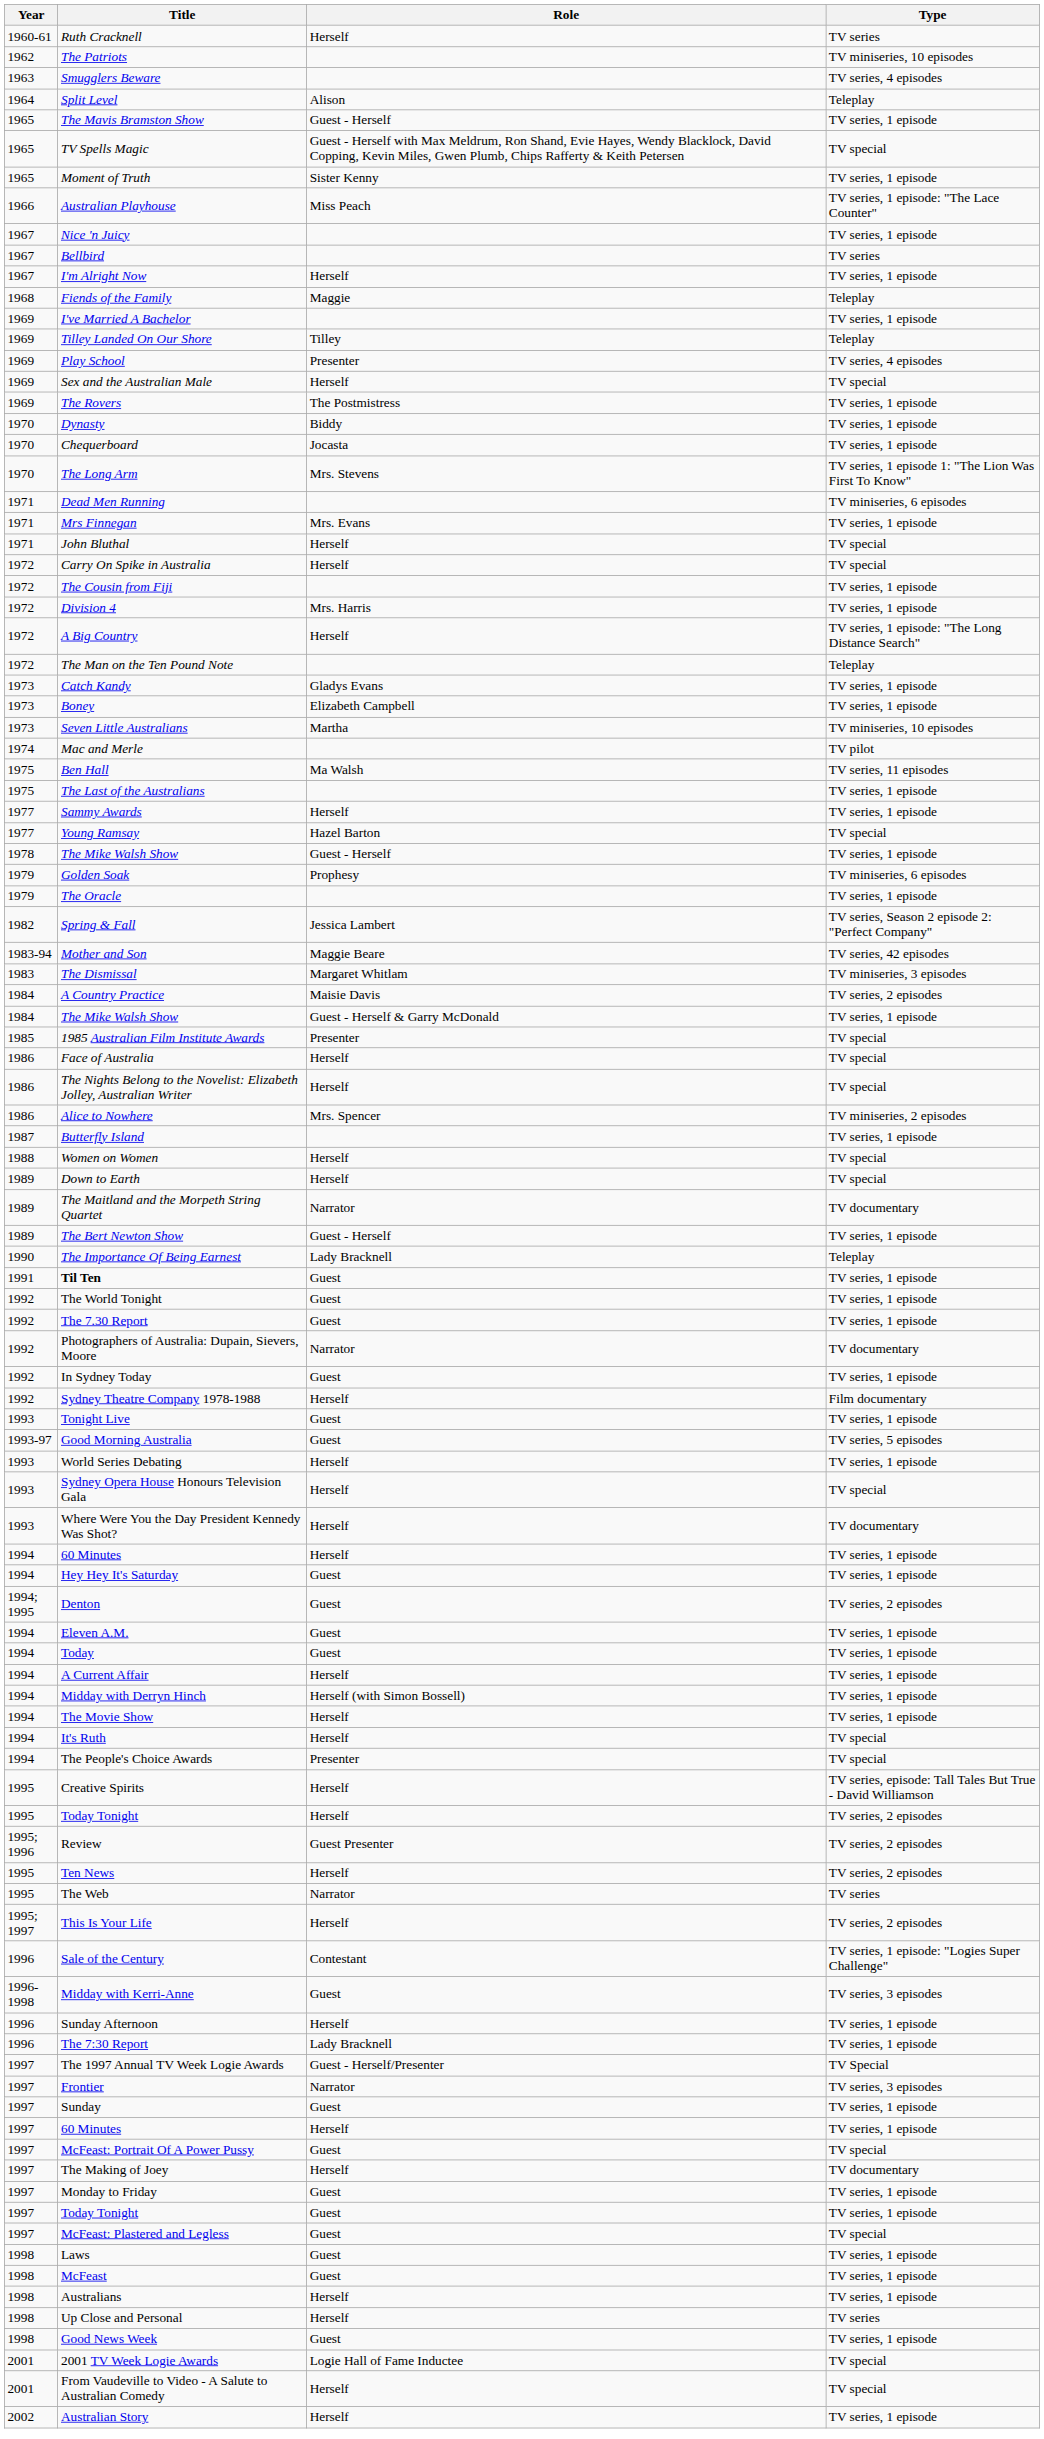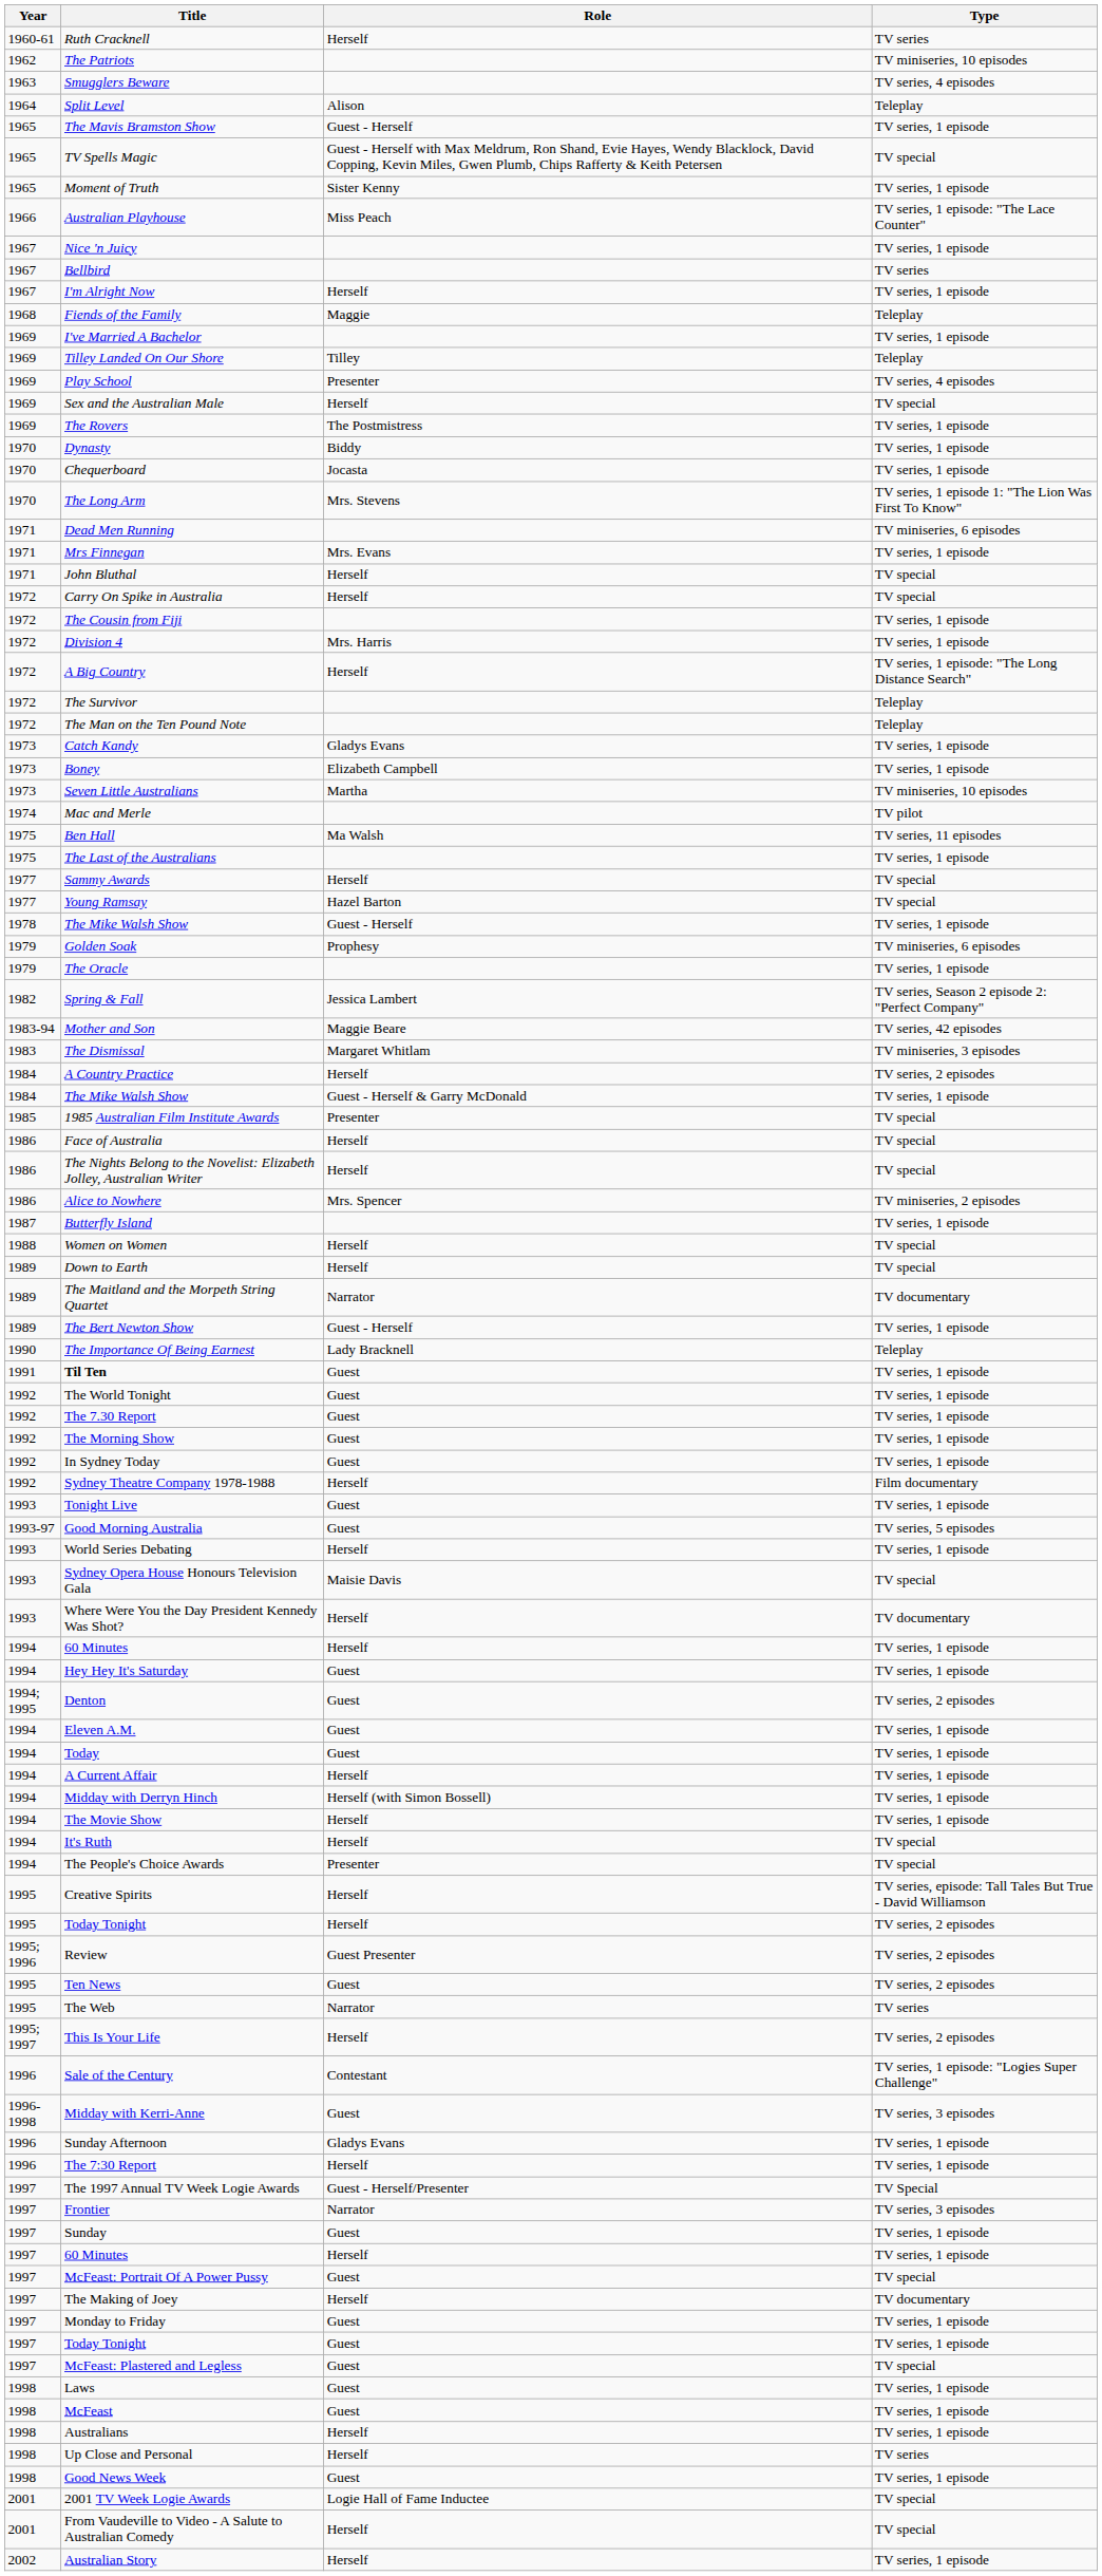 <table class="wikitable">
 <tr>
 <th>Year</th>
 <th>Title</th>
 <th>Role</th>
 <th>Type</th>
 </tr>
 <tr>
 <td>1960-61</td>
 <td><em>Ruth Cracknell</em></td>
 <td>Herself</td>
 <td>TV series</td>
 </tr>
 <tr>
 <td>1962</td>
 <td><em><a href='#'>The Patriots</a></em></td>
 <td></td>
 <td>TV miniseries, 10 episodes</td>
 </tr>
 <tr>
 <td>1963</td>
 <td><em><a href='#'>Smugglers Beware</a></em></td>
 <td></td>
 <td>TV series, 4 episodes</td>
 </tr>
 <tr>
 <td>1964</td>
 <td><em><a href='#'>Split Level</a></em></td>
 <td>Alison</td>
 <td>Teleplay</td>
 </tr>
 <tr>
 <td>1965</td>
 <td><em><a href='#'>The Mavis Bramston Show</a></em></td>
 <td>Guest - Herself</td>
 <td>TV series, 1 episode</td>
 </tr>
 <tr>
 <td>1965</td>
 <td><em>TV Spells Magic</em></td>
 <td>Guest - Herself with Max Meldrum, Ron Shand, Evie Hayes, Wendy Blacklock, David Copping, Kevin Miles, Gwen Plumb, Chips Rafferty & Keith Petersen</td>
 <td>TV special</td>
 </tr>
 <tr>
 <td>1965</td>
 <td><em>Moment of Truth</em></td>
 <td>Sister Kenny</td>
 <td>TV series, 1 episode</td>
 </tr>
 <tr>
 <td>1966</td>
 <td><em><a href='#'>Australian Playhouse</a></em></td>
 <td>Miss Peach</td>
 <td>TV series, 1 episode: "The Lace Counter"</td>
 </tr>
 <tr>
 <td>1967</td>
 <td><em><a href='#'>Nice 'n Juicy</a></em></td>
 <td></td>
 <td>TV series, 1 episode</td>
 </tr>
 <tr>
 <td>1967</td>
 <td><em><a href='#'>Bellbird</a></em></td>
 <td></td>
 <td>TV series</td>
 </tr>
 <tr>
 <td>1967</td>
 <td><em><a href='#'>I'm Alright Now</a></em></td>
 <td>Herself</td>
 <td>TV series, 1 episode</td>
 </tr>
 <tr>
 <td>1968</td>
 <td><em><a href='#'>Fiends of the Family</a></em></td>
 <td>Maggie</td>
 <td>Teleplay</td>
 </tr>
 <tr>
 <td>1969</td>
 <td><em><a href='#'>I've Married A Bachelor</a></em></td>
 <td></td>
 <td>TV series, 1 episode</td>
 </tr>
 <tr>
 <td>1969</td>
 <td><em><a href='#'>Tilley Landed On Our Shore</a></em></td>
 <td>Tilley</td>
 <td>Teleplay</td>
 </tr>
 <tr>
 <td>1969</td>
 <td><em><a href='#'>Play School</a></em></td>
 <td>Presenter</td>
 <td>TV series, 4 episodes</td>
 </tr>
 <tr>
 <td>1969</td>
 <td><em>Sex and the Australian Male</em></td>
 <td>Herself</td>
 <td>TV special</td>
 </tr>
 <tr>
 <td>1969</td>
 <td><em><a href='#'>The Rovers</a></em></td>
 <td>The Postmistress</td>
 <td>TV series, 1 episode</td>
 </tr>
 <tr>
 <td>1970</td>
 <td><em><a href='#'>Dynasty</a></em></td>
 <td>Biddy</td>
 <td>TV series, 1 episode</td>
 </tr>
 <tr>
 <td>1970</td>
 <td><em>Chequerboard</em></td>
 <td>Jocasta</td>
 <td>TV series, 1 episode</td>
 </tr>
 <tr>
 <td>1970</td>
 <td><em><a href='#'>The Long Arm</a></em></td>
 <td>Mrs. Stevens</td>
 <td>TV series, 1 episode 1: "The Lion Was First To Know"</td>
 </tr>
 <tr>
 <td>1971</td>
 <td><em><a href='#'>Dead Men Running</a></em></td>
 <td></td>
 <td>TV miniseries, 6 episodes</td>
 </tr>
 <tr>
 <td>1971</td>
 <td><em><a href='#'>Mrs Finnegan</a></em></td>
 <td>Mrs. Evans</td>
 <td>TV series, 1 episode</td>
 </tr>
 <tr>
 <td>1971</td>
 <td><em>John Bluthal</em></td>
 <td>Herself</td>
 <td>TV special</td>
 </tr>
 <tr>
 <td>1972</td>
 <td><em>Carry On Spike in Australia</em></td>
 <td>Herself</td>
 <td>TV special</td>
 </tr>
 <tr>
 <td>1972</td>
 <td><em><a href='#'>The Cousin from Fiji</a></em></td>
 <td></td>
 <td>TV series, 1 episode</td>
 </tr>
 <tr>
 <td>1972</td>
 <td><em><a href='#'>Division 4</a></em></td>
 <td>Mrs. Harris</td>
 <td>TV series, 1 episode</td>
 </tr>
 <tr>
 <td>1972</td>
 <td><em><a href='#'>A Big Country</a></em></td>
 <td>Herself</td>
 <td>TV series, 1 episode: "The Long Distance Search"</td>
 </tr>
 <tr>
 <td>1972</td>
+<td><em>The Survivor</em></td>
+<td></td>
+<td>Teleplay</td>
+</tr>
+<tr>
+<td>1972</td>
 <td><em>The Man on the Ten Pound Note</em></td>
 <td></td>
 <td>Teleplay</td>
 </tr>
 <tr>
 <td>1973</td>
 <td><em><a href='#'>Catch Kandy</a></em></td>
 <td>Gladys Evans</td>
 <td>TV series, 1 episode</td>
 </tr>
 <tr>
 <td>1973</td>
 <td><em><a href='#'>Boney</a></em></td>
 <td>Elizabeth Campbell</td>
 <td>TV series, 1 episode</td>
 </tr>
 <tr>
 <td>1973</td>
 <td><em><a href='#'>Seven Little Australians</a></em></td>
 <td>Martha</td>
 <td>TV miniseries, 10 episodes</td>
 </tr>
 <tr>
 <td>1974</td>
 <td><em>Mac and Merle</em></td>
 <td></td>
 <td>TV pilot</td>
 </tr>
 <tr>
 <td>1975</td>
 <td><em><a href='#'>Ben Hall</a></em></td>
 <td>Ma Walsh</td>
 <td>TV series, 11 episodes</td>
 </tr>
 <tr>
 <td>1975</td>
 <td><em><a href='#'>The Last of the Australians</a></em></td>
 <td></td>
 <td>TV series, 1 episode</td>
 </tr>
 <tr>
 <td>1977</td>
 <td><em><a href='#'>Sammy Awards</a></em></td>
 <td>Herself</td>
-<td>TV series, 1 episode</td>
+<td>TV special</td>
 </tr>
 <tr>
 <td>1977</td>
 <td><em><a href='#'>Young Ramsay</a></em></td>
 <td>Hazel Barton</td>
 <td>TV special</td>
 </tr>
 <tr>
 <td>1978</td>
 <td><em><a href='#'>The Mike Walsh Show</a></em></td>
 <td>Guest - Herself</td>
 <td>TV series, 1 episode</td>
 </tr>
 <tr>
 <td>1979</td>
 <td><em><a href='#'>Golden Soak</a></em></td>
 <td>Prophesy</td>
 <td>TV miniseries, 6 episodes</td>
 </tr>
 <tr>
 <td>1979</td>
 <td><em><a href='#'>The Oracle</a></em></td>
 <td></td>
 <td>TV series, 1 episode</td>
 </tr>
 <tr>
 <td>1982</td>
 <td><em><a href='#'>Spring & Fall</a></em></td>
 <td>Jessica Lambert</td>
 <td>TV series, Season 2 episode 2: "Perfect Company"</td>
 </tr>
 <tr>
 <td>1983-94</td>
 <td><em><a href='#'>Mother and Son</a></em></td>
 <td>Maggie Beare</td>
 <td>TV series, 42 episodes</td>
 </tr>
 <tr>
 <td>1983</td>
 <td><em><a href='#'>The Dismissal</a></em></td>
 <td>Margaret Whitlam</td>
 <td>TV miniseries, 3 episodes</td>
 </tr>
 <tr>
 <td>1984</td>
 <td><em><a href='#'>A Country Practice</a></em></td>
-<td>Maisie Davis</td>
+<td>Herself</td>
 <td>TV series, 2 episodes</td>
 </tr>
 <tr>
 <td>1984</td>
 <td><em><a href='#'>The Mike Walsh Show</a></em></td>
 <td>Guest - Herself & Garry McDonald</td>
 <td>TV series, 1 episode</td>
 </tr>
 <tr>
 <td>1985</td>
 <td><em>1985 <a href='#'>Australian Film Institute Awards</a></em></td>
 <td>Presenter</td>
 <td>TV special</td>
 </tr>
 <tr>
 <td>1986</td>
 <td><em>Face of Australia</em></td>
 <td>Herself</td>
 <td>TV special</td>
 </tr>
 <tr>
 <td>1986</td>
 <td><em>The Nights Belong to the Novelist: Elizabeth Jolley, Australian Writer</em></td>
 <td>Herself</td>
 <td>TV special</td>
 </tr>
 <tr>
 <td>1986</td>
 <td><em><a href='#'>Alice to Nowhere</a></em></td>
 <td>Mrs. Spencer</td>
 <td>TV miniseries, 2 episodes</td>
 </tr>
 <tr>
 <td>1987</td>
 <td><em><a href='#'>Butterfly Island</a></em></td>
 <td></td>
 <td>TV series, 1 episode</td>
 </tr>
 <tr>
 <td>1988</td>
 <td><em>Women on Women</em></td>
 <td>Herself</td>
 <td>TV special</td>
 </tr>
 <tr>
 <td>1989</td>
 <td><em>Down to Earth</em></td>
 <td>Herself</td>
 <td>TV special</td>
 </tr>
 <tr>
 <td>1989</td>
 <td><em>The Maitland and the Morpeth String Quartet</em></td>
 <td>Narrator</td>
 <td>TV documentary</td>
 </tr>
 <tr>
 <td>1989</td>
 <td><em><a href='#'>The Bert Newton Show</a></em></td>
 <td>Guest - Herself</td>
 <td>TV series, 1 episode</td>
 </tr>
 <tr>
 <td>1990</td>
 <td><em><a href='#'>The Importance Of Being Earnest</a></em></td>
 <td>Lady Bracknell</td>
 <td>Teleplay</td>
 </tr>
 <tr>
 <td>1991</td>
 <td><strong>Til Ten<em></td>
 <td>Guest</td>
 <td>TV series, 1 episode</td>
 </tr>
 <tr>
 <td>1992</td>
 <td></em>The World Tonight<em></td>
 <td>Guest</td>
 <td>TV series, 1 episode</td>
 </tr>
 <tr>
 <td>1992</td>
 <td></em><a href='#'>The 7.30 Report</a><em></td>
 <td>Guest</td>
 <td>TV series, 1 episode</td>
 </tr>
 <tr>
 <td>1992</td>
-<td></em>Photographers of Australia: Dupain, Sievers, Moore<em></td>
-<td>Narrator</td>
-<td>TV documentary</td>
+<td></em><a href='#'>The Morning Show</a><em></td>
+<td>Guest</td>
+<td>TV series, 1 episode</td>
 </tr>
 <tr>
 <td>1992</td>
 <td></em>In Sydney Today<em></td>
 <td>Guest</td>
 <td>TV series, 1 episode</td>
 </tr>
 <tr>
 <td>1992</td>
 <td></em><a href='#'>Sydney Theatre Company</a> 1978-1988<em></td>
 <td>Herself</td>
 <td>Film documentary</td>
 </tr>
 <tr>
 <td>1993</td>
 <td></em><a href='#'>Tonight Live</a><em></td>
 <td>Guest</td>
 <td>TV series, 1 episode</td>
 </tr>
 <tr>
 <td>1993-97</td>
 <td></em><a href='#'>Good Morning Australia</a><em></td>
 <td>Guest</td>
 <td>TV series, 5 episodes</td>
 </tr>
 <tr>
 <td>1993</td>
 <td></em>World Series Debating<em></td>
 <td>Herself</td>
 <td>TV series, 1 episode</td>
 </tr>
 <tr>
 <td>1993</td>
 <td></em><a href='#'>Sydney Opera House</a> Honours Television Gala<em></td>
-<td>Herself</td>
+<td>Maisie Davis</td>
 <td>TV special</td>
 </tr>
 <tr>
 <td>1993</td>
 <td></em>Where Were You the Day President Kennedy Was Shot?<em></td>
 <td>Herself</td>
 <td>TV documentary</td>
 </tr>
 <tr>
 <td>1994</td>
 <td></em><a href='#'>60 Minutes</a><em></td>
 <td>Herself</td>
 <td>TV series, 1 episode</td>
 </tr>
 <tr>
 <td>1994</td>
 <td></em><a href='#'>Hey Hey It's Saturday</a><em></td>
 <td>Guest</td>
 <td>TV series, 1 episode</td>
 </tr>
 <tr>
 <td>1994; 1995</td>
 <td></em><a href='#'>Denton</a><em></td>
 <td>Guest</td>
 <td>TV series, 2 episodes</td>
 </tr>
 <tr>
 <td>1994</td>
 <td></em><a href='#'>Eleven A.M.</a><em></td>
 <td>Guest</td>
 <td>TV series, 1 episode</td>
 </tr>
 <tr>
 <td>1994</td>
 <td></em><a href='#'>Today</a><em></td>
 <td>Guest</td>
 <td>TV series, 1 episode</td>
 </tr>
 <tr>
 <td>1994</td>
 <td></em><a href='#'>A Current Affair</a><em></td>
 <td>Herself</td>
 <td>TV series, 1 episode</td>
 </tr>
 <tr>
 <td>1994</td>
 <td></em><a href='#'>Midday with Derryn Hinch</a><em></td>
 <td>Herself (with Simon Bossell)</td>
 <td>TV series, 1 episode</td>
 </tr>
 <tr>
 <td>1994</td>
 <td></em><a href='#'>The Movie Show</a><em></td>
 <td>Herself</td>
 <td>TV series, 1 episode</td>
 </tr>
 <tr>
 <td>1994</td>
 <td></em><a href='#'>It's Ruth</a><em></td>
 <td>Herself</td>
 <td>TV special</td>
 </tr>
 <tr>
 <td>1994</td>
 <td></em>The People's Choice Awards<em></td>
 <td>Presenter</td>
 <td>TV special</td>
 </tr>
 <tr>
 <td>1995</td>
 <td></em>Creative Spirits<em></td>
 <td>Herself</td>
 <td>TV series, episode: Tall Tales But True - David Williamson</td>
 </tr>
 <tr>
 <td>1995</td>
 <td></em><a href='#'>Today Tonight</a><em></td>
 <td>Herself</td>
 <td>TV series, 2 episodes</td>
 </tr>
 <tr>
 <td>1995; 1996</td>
 <td></em>Review<em></td>
 <td>Guest Presenter</td>
 <td>TV series, 2 episodes</td>
 </tr>
 <tr>
 <td>1995</td>
 <td></em><a href='#'>Ten News</a><em></td>
-<td>Herself</td>
+<td>Guest</td>
 <td>TV series, 2 episodes</td>
 </tr>
 <tr>
 <td>1995</td>
 <td></em>The Web<em></td>
 <td>Narrator</td>
 <td>TV series</td>
 </tr>
 <tr>
 <td>1995; 1997</td>
 <td></em><a href='#'>This Is Your Life</a><em></td>
 <td>Herself</td>
 <td>TV series, 2 episodes</td>
 </tr>
 <tr>
 <td>1996</td>
 <td></em><a href='#'>Sale of the Century</a><em></td>
 <td>Contestant</td>
 <td>TV series, 1 episode: "Logies Super Challenge"</td>
 </tr>
 <tr>
 <td>1996-1998</td>
 <td></em><a href='#'>Midday with Kerri-Anne</a><em></td>
 <td>Guest</td>
 <td>TV series, 3 episodes</td>
 </tr>
 <tr>
 <td>1996</td>
 <td></em>Sunday Afternoon<em></td>
-<td>Herself</td>
+<td>Gladys Evans</td>
 <td>TV series, 1 episode</td>
 </tr>
 <tr>
 <td>1996</td>
 <td></em><a href='#'>The 7:30 Report</a><em></td>
-<td>Lady Bracknell</td>
+<td>Herself</td>
 <td>TV series, 1 episode</td>
 </tr>
 <tr>
 <td>1997</td>
 <td></em>The 1997 Annual TV Week Logie Awards<em></td>
 <td>Guest - Herself/Presenter</td>
 <td>TV Special</td>
 </tr>
 <tr>
 <td>1997</td>
 <td></em><a href='#'>Frontier</a><em></td>
 <td>Narrator</td>
 <td>TV series, 3 episodes</td>
 </tr>
 <tr>
 <td>1997</td>
 <td></em>Sunday<em></td>
 <td>Guest</td>
 <td>TV series, 1 episode</td>
 </tr>
 <tr>
 <td>1997</td>
 <td></em><a href='#'>60 Minutes</a><em></td>
 <td>Herself</td>
 <td>TV series, 1 episode</td>
 </tr>
 <tr>
 <td>1997</td>
 <td></em><a href='#'>McFeast: Portrait Of A Power Pussy</a><em></td>
 <td>Guest</td>
 <td>TV special</td>
 </tr>
 <tr>
 <td>1997</td>
 <td></em>The Making of Joey<em></td>
 <td>Herself</td>
 <td>TV documentary</td>
 </tr>
 <tr>
 <td>1997</td>
 <td></em>Monday to Friday<em></td>
 <td>Guest</td>
 <td>TV series, 1 episode</td>
 </tr>
 <tr>
 <td>1997</td>
 <td></em><a href='#'>Today Tonight</a><em></td>
 <td>Guest</td>
 <td>TV series, 1 episode</td>
 </tr>
 <tr>
 <td>1997</td>
 <td></em><a href='#'>McFeast: Plastered and Legless</a><em></td>
 <td>Guest</td>
 <td>TV special</td>
 </tr>
 <tr>
 <td>1998</td>
 <td></em>Laws<em></td>
 <td>Guest</td>
 <td>TV series, 1 episode</td>
 </tr>
 <tr>
 <td>1998</td>
 <td></em><a href='#'>McFeast</a><em></td>
 <td>Guest</td>
 <td>TV series, 1 episode</td>
 </tr>
 <tr>
 <td>1998</td>
 <td></em>Australians<em></td>
 <td>Herself</td>
 <td>TV series, 1 episode</td>
 </tr>
 <tr>
 <td>1998</td>
 <td></em>Up Close and Personal<em></td>
 <td>Herself</td>
 <td>TV series</td>
 </tr>
 <tr>
 <td>1998</td>
 <td></em><a href='#'>Good News Week</a><em></td>
 <td>Guest</td>
 <td>TV series, 1 episode</td>
 </tr>
 <tr>
 <td>2001</td>
 <td></em>2001 <a href='#'>TV Week Logie Awards</a><em></td>
 <td>Logie Hall of Fame Inductee</td>
 <td>TV special</td>
 </tr>
 <tr>
 <td>2001</td>
 <td></em>From Vaudeville to Video - A Salute to Australian Comedy<em></td>
 <td>Herself</td>
 <td>TV special</td>
 </tr>
 <tr>
 <td>2002</td>
 <td></em><a href='#'>Australian Story</a><em></td>
 <td>Herself</td>
 <td>TV series, 1 episode</td>
 </tr>
 </table>
